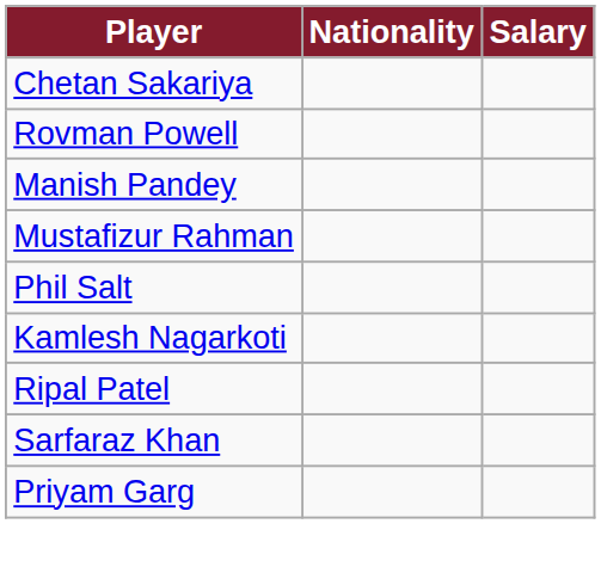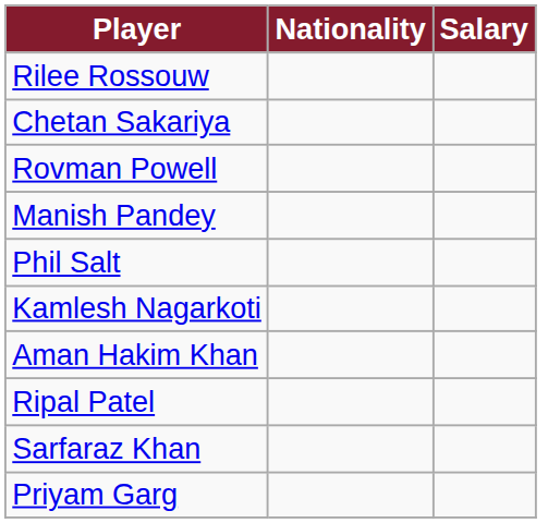 <table class="wikitable" style="font-size:90%;">
 <tr>
 <th style="background: #841B2D;color:white">Player</th>
 <th style="background: #841B2D;color:white">Nationality</th>
 <th style="background: #841B2D;color:white">Salary</th>
+</tr>
+<tr>
+<td><a href='#'>Rilee Rossouw</a></td>
+<td></td>
+<td></td>
 </tr>
 <tr>
 <td><a href='#'>Chetan Sakariya</a></td>
 <td></td>
 <td></td>
 </tr>
 <tr>
 <td><a href='#'>Rovman Powell</a></td>
 <td></td>
 <td></td>
 </tr>
 <tr>
 <td><a href='#'>Manish Pandey</a></td>
 <td></td>
 <td></td>
 </tr>
 <tr>
-<td><a href='#'>Mustafizur Rahman</a></td>
-<td></td>
-<td></td>
-</tr>
-<tr>
 <td><a href='#'>Phil Salt</a></td>
 <td></td>
 <td></td>
 </tr>
 <tr>
 <td><a href='#'>Kamlesh Nagarkoti</a></td>
+<td></td>
+<td></td>
+</tr>
+<tr>
+<td><a href='#'>Aman Hakim Khan</a></td>
 <td></td>
 <td></td>
 </tr>
 <tr>
 <td><a href='#'>Ripal Patel</a></td>
 <td></td>
 <td></td>
 </tr>
 <tr>
 <td><a href='#'>Sarfaraz Khan</a></td>
 <td></td>
 <td></td>
 </tr>
 <tr>
 <td><a href='#'>Priyam Garg</a></td>
 <td></td>
 <td></td>
 </tr>
 </table>
